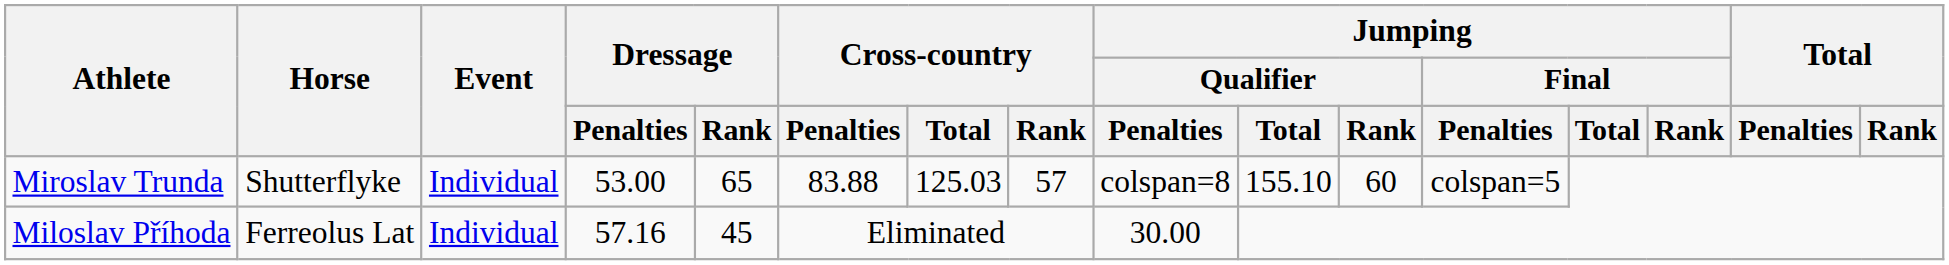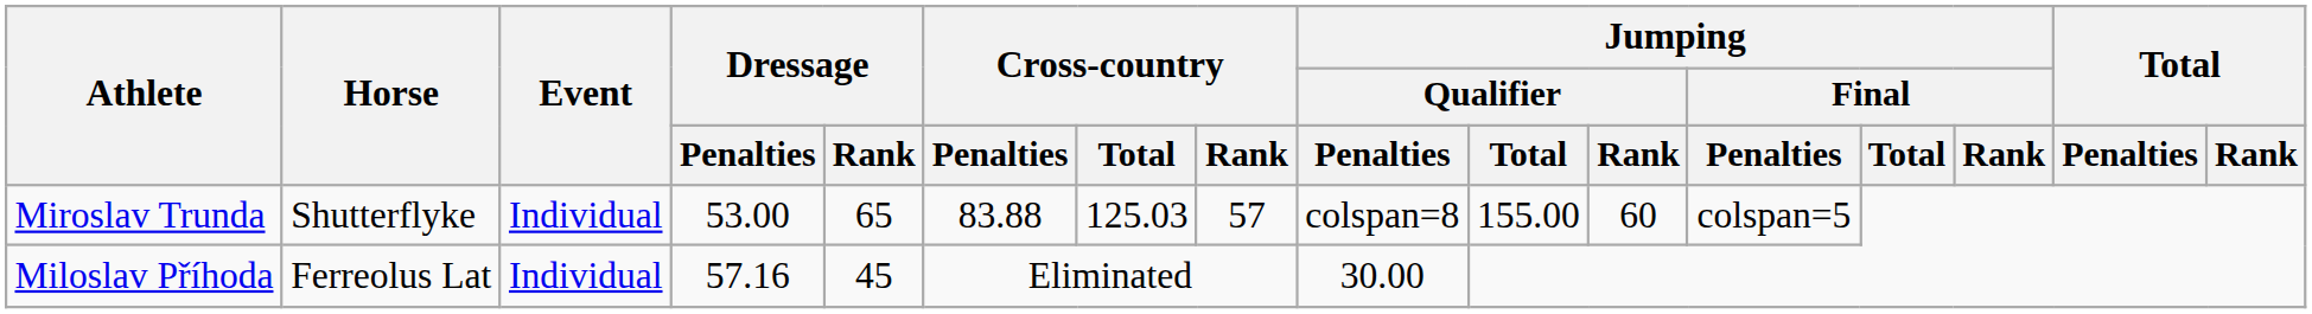 <table class="wikitable" style="font-size:90%">
 <tr>
 <th rowspan="3">Athlete</th>
 <th rowspan="3">Horse</th>
 <th rowspan="3">Event</th>
 <th colspan="2" rowspan="2">Dressage</th>
 <th colspan="3" rowspan="2">Cross-country</th>
 <th colspan="6">Jumping</th>
 <th colspan="2" rowspan="2">Total</th>
 </tr>
 <tr style="font-size:95%">
 <th colspan="3">Qualifier</th>
 <th colspan="3">Final</th>
 </tr>
 <tr style="font-size:95%">
 <th>Penalties</th>
 <th>Rank</th>
 <th>Penalties</th>
 <th>Total</th>
 <th>Rank</th>
 <th>Penalties</th>
 <th>Total</th>
 <th>Rank</th>
 <th>Penalties</th>
 <th>Total</th>
 <th>Rank</th>
 <th>Penalties</th>
 <th>Rank</th>
 </tr>
 <tr align="center">
 <td align="left"><a href='#'>Miroslav Trunda</a></td>
 <td align="left">Shutterflyke</td>
 <td align="left"><a href='#'>Individual</a></td>
 <td>53.00</td>
 <td>65</td>
 <td>83.88</td>
 <td>125.03</td>
 <td>57</td>
 <td>colspan=8 </td>
-<td>155.10</td>
+<td>155.00</td>
 <td>60</td>
 <td>colspan=5 </td>
 </tr>
 <tr align="center">
 <td align="left"><a href='#'>Miloslav Příhoda</a></td>
 <td align="left">Ferreolus Lat</td>
 <td align="left"><a href='#'>Individual</a></td>
 <td>57.16</td>
 <td>45</td>
 <td colspan=3>Eliminated</td>
 <td>30.00</td>
 </tr>
 </table>
